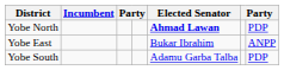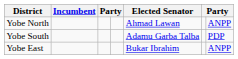 <table class="sortable wikitable" style="font-size:95%;line-height:14px;">
 <tr>
 <th class="unsortable">District</th>
 <th class="unsortable"><a href='#'>Incumbent</a></th>
 <th colspan="2">Party</th>
 <th class="unsortable">Elected Senator</th>
 <th colspan="2">Party</th>
 </tr>
 <tr>
 <td>Yobe North</td>
 <td></td>
 <td></td>
 <td></td>
-<td><strong><a href='#'>Ahmad Lawan</a></strong></td>
+<td><a href='#'>Ahmad Lawan</a></td>
+<td style="background:"></td>
+<td><a href='#'>ANPP</a></td>
+</tr>
+<tr>
+<td>Yobe South</td>
+<td></td>
+<td></td>
+<td></td>
+<td><a href='#'>Adamu Garba Talba</a></td>
 <td style="background:"></td>
 <td><a href='#'>PDP</a></td>
 </tr>
 <tr>
 <td>Yobe East</td>
 <td></td>
 <td></td>
 <td></td>
 <td><a href='#'>Bukar Ibrahim</a></td>
 <td style="background:"></td>
 <td><a href='#'>ANPP</a></td>
 </tr>
-<tr>
-<td>Yobe South</td>
-<td></td>
-<td></td>
-<td></td>
-<td><a href='#'>Adamu Garba Talba</a></td>
-<td style="background:"></td>
-<td><a href='#'>PDP</a></td>
-</tr>
 </table>
